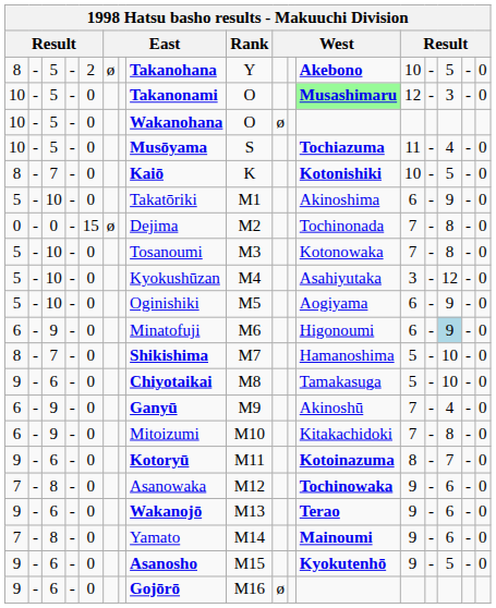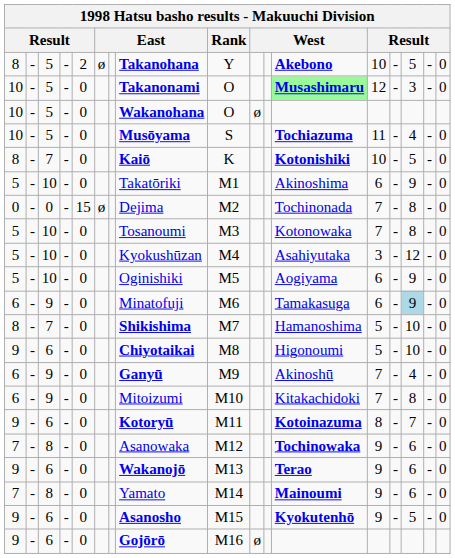 <table class="wikitable">
 <tr>
 <th colspan="17">1998 Hatsu basho results - Makuuchi Division</th>
 </tr>
 <tr>
 <th colspan="5">Result</th>
 <th colspan="3">East</th>
 <th>Rank</th>
 <th colspan="3">West</th>
 <th colspan="5">Result</th>
 </tr>
 <tr>
 <td align=center>8</td>
 <td align=center>-</td>
 <td align=center>5</td>
 <td align=center>-</td>
 <td align=center>2</td>
 <td align=center>ø</td>
 <td align=center></td>
 <td><strong><a href='#'>Takanohana</a></strong></td>
 <td align=center>Y</td>
 <td align=center></td>
 <td align=center></td>
 <td><strong><a href='#'>Akebono</a></strong></td>
 <td align=center>10</td>
 <td align=center>-</td>
 <td align=center>5</td>
 <td align=center>-</td>
 <td align=center>0</td>
 </tr>
 <tr>
 <td align=center>10</td>
 <td align=center>-</td>
 <td align=center>5</td>
 <td align=center>-</td>
 <td align=center>0</td>
 <td align=center></td>
 <td align=center></td>
 <td><strong><a href='#'>Takanonami</a></strong></td>
 <td align=center>O</td>
 <td align=center></td>
 <td align=center></td>
 <td style="background: PaleGreen;"><strong><a href='#'>Musashimaru</a></strong></td>
 <td align=center>12</td>
 <td align=center>-</td>
 <td align=center>3</td>
 <td align=center>-</td>
 <td align=center>0</td>
 </tr>
 <tr>
 <td align=center>10</td>
 <td align=center>-</td>
 <td align=center>5</td>
 <td align=center>-</td>
 <td align=center>0</td>
 <td align=center></td>
 <td align=center></td>
 <td><strong><a href='#'>Wakanohana</a></strong></td>
 <td align=center>O</td>
 <td align=center>ø</td>
 <td align=center></td>
 <td></td>
 <td align=center></td>
 <td align=center></td>
 <td align=center></td>
 <td align=center></td>
 <td align=center></td>
 </tr>
 <tr>
 <td align=center>10</td>
 <td align=center>-</td>
 <td align=center>5</td>
 <td align=center>-</td>
 <td align=center>0</td>
 <td align=center></td>
 <td align=center></td>
 <td><strong><a href='#'>Musōyama</a></strong></td>
 <td align=center>S</td>
 <td align=center></td>
 <td align=center></td>
 <td><strong><a href='#'>Tochiazuma</a></strong></td>
 <td align=center>11</td>
 <td align=center>-</td>
 <td align=center>4</td>
 <td align=center>-</td>
 <td align=center>0</td>
 </tr>
 <tr>
 <td align=center>8</td>
 <td align=center>-</td>
 <td align=center>7</td>
 <td align=center>-</td>
 <td align=center>0</td>
 <td align=center></td>
 <td align=center></td>
 <td><strong><a href='#'>Kaiō</a></strong></td>
 <td align=center>K</td>
 <td align=center></td>
 <td align=center></td>
 <td><strong><a href='#'>Kotonishiki</a></strong></td>
 <td align=center>10</td>
 <td align=center>-</td>
 <td align=center>5</td>
 <td align=center>-</td>
 <td align=center>0</td>
 </tr>
 <tr>
 <td align=center>5</td>
 <td align=center>-</td>
 <td align=center>10</td>
 <td align=center>-</td>
 <td align=center>0</td>
 <td align=center></td>
 <td align=center></td>
 <td><a href='#'>Takatōriki</a></td>
 <td align=center>M1</td>
 <td align=center></td>
 <td align=center></td>
 <td><a href='#'>Akinoshima</a></td>
 <td align=center>6</td>
 <td align=center>-</td>
 <td align=center>9</td>
 <td align=center>-</td>
 <td align=center>0</td>
 </tr>
 <tr>
 <td align=center>0</td>
 <td align=center>-</td>
 <td align=center>0</td>
 <td align=center>-</td>
 <td align=center>15</td>
 <td align=center>ø</td>
 <td align=center></td>
 <td><a href='#'>Dejima</a></td>
 <td align=center>M2</td>
 <td align=center></td>
 <td align=center></td>
 <td><a href='#'>Tochinonada</a></td>
 <td align=center>7</td>
 <td align=center>-</td>
 <td align=center>8</td>
 <td align=center>-</td>
 <td align=center>0</td>
 </tr>
 <tr>
 <td align=center>5</td>
 <td align=center>-</td>
 <td align=center>10</td>
 <td align=center>-</td>
 <td align=center>0</td>
 <td align=center></td>
 <td align=center></td>
 <td><a href='#'>Tosanoumi</a></td>
 <td align=center>M3</td>
 <td align=center></td>
 <td align=center></td>
 <td><a href='#'>Kotonowaka</a></td>
 <td align=center>7</td>
 <td align=center>-</td>
 <td align=center>8</td>
 <td align=center>-</td>
 <td align=center>0</td>
 </tr>
 <tr>
 <td align=center>5</td>
 <td align=center>-</td>
 <td align=center>10</td>
 <td align=center>-</td>
 <td align=center>0</td>
 <td align=center></td>
 <td align=center></td>
 <td><a href='#'>Kyokushūzan</a></td>
 <td align=center>M4</td>
 <td align=center></td>
 <td align=center></td>
 <td><a href='#'>Asahiyutaka</a></td>
 <td align=center>3</td>
 <td align=center>-</td>
 <td align=center>12</td>
 <td align=center>-</td>
 <td align=center>0</td>
 </tr>
 <tr>
 <td align=center>5</td>
 <td align=center>-</td>
 <td align=center>10</td>
 <td align=center>-</td>
 <td align=center>0</td>
 <td align=center></td>
 <td align=center></td>
 <td><a href='#'>Oginishiki</a></td>
 <td align=center>M5</td>
 <td align=center></td>
 <td align=center></td>
 <td><a href='#'>Aogiyama</a></td>
 <td align=center>6</td>
 <td align=center>-</td>
 <td align=center>9</td>
 <td align=center>-</td>
 <td align=center>0</td>
 </tr>
 <tr>
 <td align=center>6</td>
 <td align=center>-</td>
 <td align=center>9</td>
 <td align=center>-</td>
 <td align=center>0</td>
 <td align=center></td>
 <td align=center></td>
 <td><a href='#'>Minatofuji</a></td>
 <td align=center>M6</td>
 <td align=center></td>
 <td align=center></td>
-<td><a href='#'>Higonoumi</a></td>
+<td><a href='#'>Tamakasuga</a></td>
 <td align=center>6</td>
 <td align=center>-</td>
 <td align=center style="background: lightblue;">9</td>
 <td align=center>-</td>
 <td align=center>0</td>
 </tr>
 <tr>
 <td align=center>8</td>
 <td align=center>-</td>
 <td align=center>7</td>
 <td align=center>-</td>
 <td align=center>0</td>
 <td align=center></td>
 <td align=center></td>
 <td><strong><a href='#'>Shikishima</a></strong></td>
 <td align=center>M7</td>
 <td align=center></td>
 <td align=center></td>
 <td><a href='#'>Hamanoshima</a></td>
 <td align=center>5</td>
 <td align=center>-</td>
 <td align=center>10</td>
 <td align=center>-</td>
 <td align=center>0</td>
 </tr>
 <tr>
 <td align=center>9</td>
 <td align=center>-</td>
 <td align=center>6</td>
 <td align=center>-</td>
 <td align=center>0</td>
 <td align=center></td>
 <td align=center></td>
 <td><strong><a href='#'>Chiyotaikai</a></strong></td>
 <td align=center>M8</td>
 <td align=center></td>
 <td align=center></td>
-<td><a href='#'>Tamakasuga</a></td>
+<td><a href='#'>Higonoumi</a></td>
 <td align=center>5</td>
 <td align=center>-</td>
 <td align=center>10</td>
 <td align=center>-</td>
 <td align=center>0</td>
 </tr>
 <tr>
 <td align=center>6</td>
 <td align=center>-</td>
 <td align=center>9</td>
 <td align=center>-</td>
 <td align=center>0</td>
 <td align=center></td>
 <td align=center></td>
 <td><strong><a href='#'>Ganyū</a></strong></td>
 <td align=center>M9</td>
 <td align=center></td>
 <td align=center></td>
 <td><a href='#'>Akinoshū</a></td>
 <td align=center>7</td>
 <td align=center>-</td>
 <td align=center>4</td>
 <td align=center>-</td>
 <td align=center>0</td>
 </tr>
 <tr>
 <td align=center>6</td>
 <td align=center>-</td>
 <td align=center>9</td>
 <td align=center>-</td>
 <td align=center>0</td>
 <td align=center></td>
 <td align=center></td>
 <td><a href='#'>Mitoizumi</a></td>
 <td align=center>M10</td>
 <td align=center></td>
 <td align=center></td>
 <td><a href='#'>Kitakachidoki</a></td>
 <td align=center>7</td>
 <td align=center>-</td>
 <td align=center>8</td>
 <td align=center>-</td>
 <td align=center>0</td>
 </tr>
 <tr>
 <td align=center>9</td>
 <td align=center>-</td>
 <td align=center>6</td>
 <td align=center>-</td>
 <td align=center>0</td>
 <td align=center></td>
 <td align=center></td>
 <td><strong><a href='#'>Kotoryū</a></strong></td>
 <td align=center>M11</td>
 <td align=center></td>
 <td align=center></td>
 <td><strong><a href='#'>Kotoinazuma</a></strong></td>
 <td align=center>8</td>
 <td align=center>-</td>
 <td align=center>7</td>
 <td align=center>-</td>
 <td align=center>0</td>
 </tr>
 <tr>
 <td align=center>7</td>
 <td align=center>-</td>
 <td align=center>8</td>
 <td align=center>-</td>
 <td align=center>0</td>
 <td align=center></td>
 <td align=center></td>
 <td><a href='#'>Asanowaka</a></td>
 <td align=center>M12</td>
 <td align=center></td>
 <td align=center></td>
 <td><strong><a href='#'>Tochinowaka</a></strong></td>
 <td align=center>9</td>
 <td align=center>-</td>
 <td align=center>6</td>
 <td align=center>-</td>
 <td align=center>0</td>
 </tr>
 <tr>
 <td align=center>9</td>
 <td align=center>-</td>
 <td align=center>6</td>
 <td align=center>-</td>
 <td align=center>0</td>
 <td align=center></td>
 <td align=center></td>
 <td><strong><a href='#'>Wakanojō</a></strong></td>
 <td align=center>M13</td>
 <td align=center></td>
 <td align=center></td>
 <td><strong><a href='#'>Terao</a></strong></td>
 <td align=center>9</td>
 <td align=center>-</td>
 <td align=center>6</td>
 <td align=center>-</td>
 <td align=center>0</td>
 </tr>
 <tr>
 <td align=center>7</td>
 <td align=center>-</td>
 <td align=center>8</td>
 <td align=center>-</td>
 <td align=center>0</td>
 <td align=center></td>
 <td align=center></td>
 <td><a href='#'>Yamato</a></td>
 <td align=center>M14</td>
 <td align=center></td>
 <td align=center></td>
 <td><strong><a href='#'>Mainoumi</a></strong></td>
 <td align=center>9</td>
 <td align=center>-</td>
 <td align=center>6</td>
 <td align=center>-</td>
 <td align=center>0</td>
 </tr>
 <tr>
 <td align=center>9</td>
 <td align=center>-</td>
 <td align=center>6</td>
 <td align=center>-</td>
 <td align=center>0</td>
 <td align=center></td>
 <td align=center></td>
 <td><strong><a href='#'>Asanosho</a></strong></td>
 <td align=center>M15</td>
 <td align=center></td>
 <td align=center></td>
 <td><strong><a href='#'>Kyokutenhō</a></strong></td>
 <td align=center>9</td>
 <td align=center>-</td>
 <td align=center>5</td>
 <td align=center>-</td>
 <td align=center>0</td>
 </tr>
 <tr>
 <td align=center>9</td>
 <td align=center>-</td>
 <td align=center>6</td>
 <td align=center>-</td>
 <td align=center>0</td>
 <td align=center></td>
 <td align=center></td>
 <td><strong><a href='#'>Gojōrō</a></strong></td>
 <td align=center>M16</td>
 <td align=center>ø</td>
 <td align=center></td>
 <td></td>
 <td align=center></td>
 <td align=center></td>
 <td align=center></td>
 <td align=center></td>
 <td align=center></td>
 </tr>
 </table>
